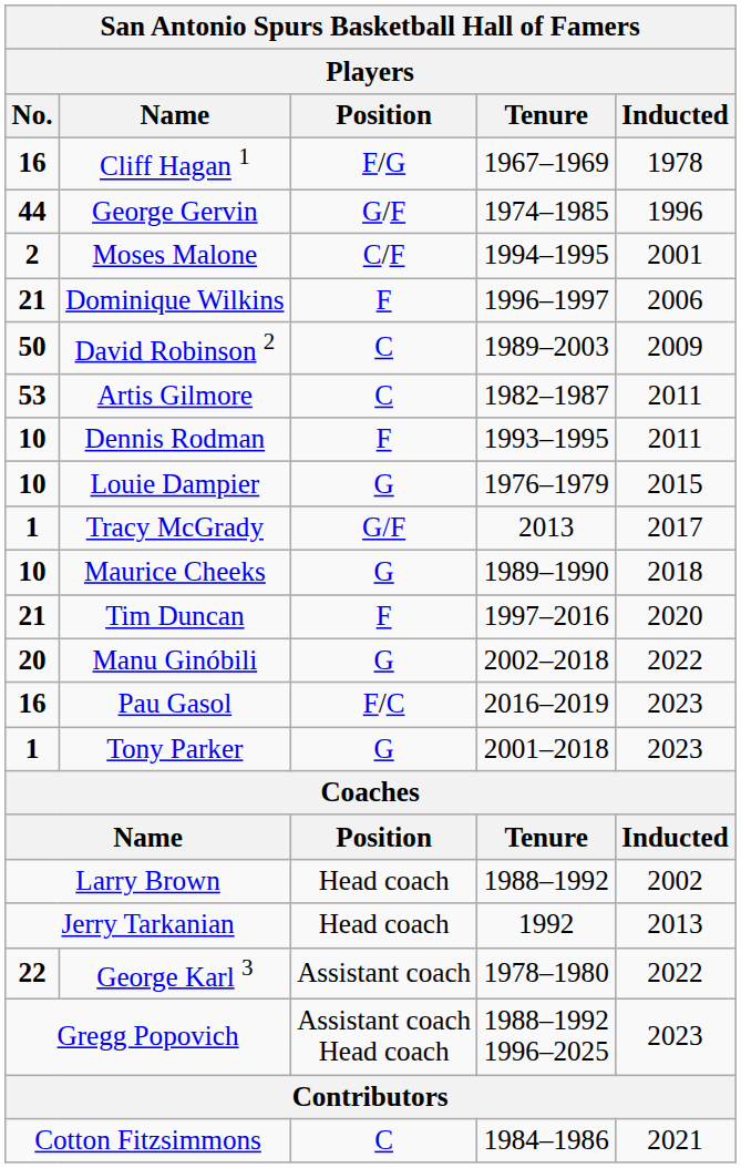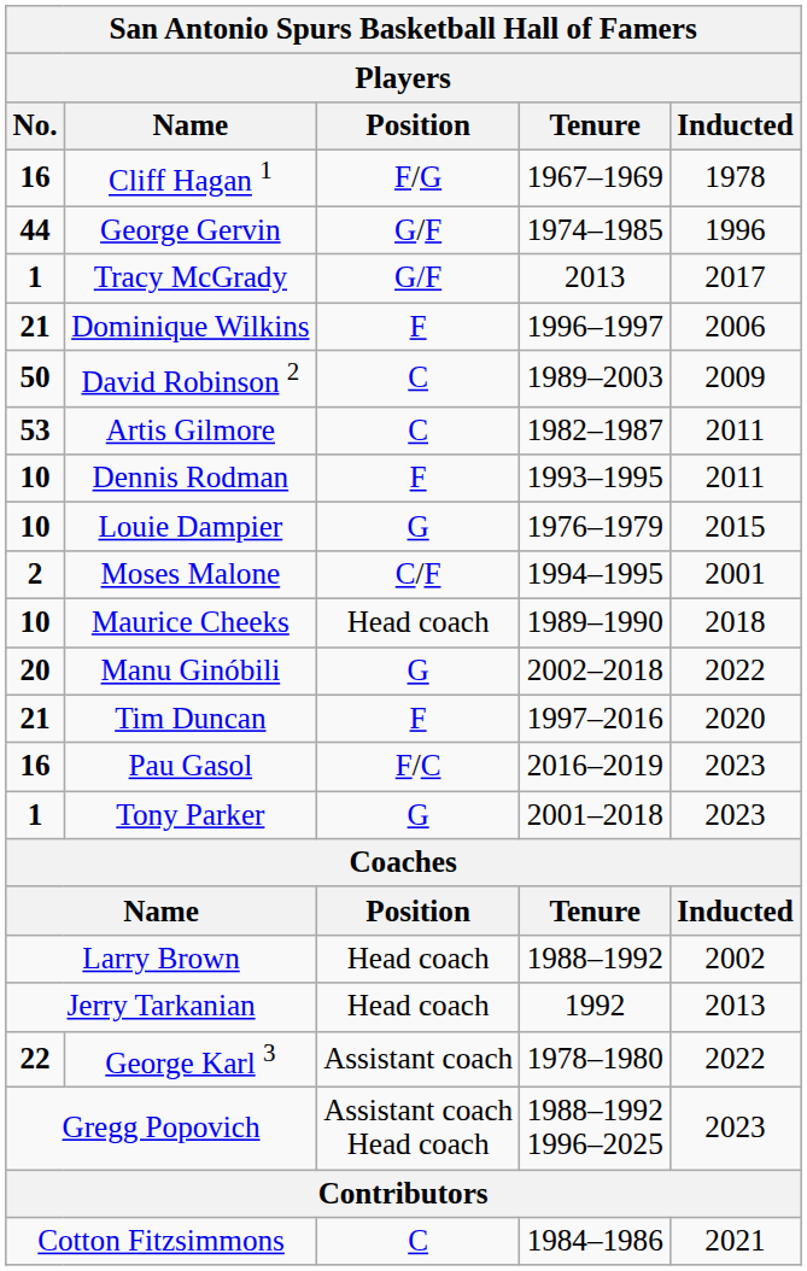 <table class="wikitable" style="text-align:center">
 <tr>
 <th colspan="5">San Antonio Spurs Basketball Hall of Famers</th>
 </tr>
 <tr>
 <th colspan="5" style="text-align:center; ">Players</th>
 </tr>
 <tr>
 <th>No.</th>
 <th>Name</th>
 <th>Position</th>
 <th>Tenure</th>
 <th>Inducted</th>
 </tr>
 <tr>
 <td><strong>16</strong></td>
 <td><a href='#'>Cliff Hagan</a> <sup>1</sup></td>
 <td><a href='#'>F</a>/<a href='#'>G</a></td>
 <td>1967–1969</td>
 <td>1978</td>
 </tr>
 <tr>
 <td><strong>44</strong></td>
 <td><a href='#'>George Gervin</a></td>
 <td><a href='#'>G</a>/<a href='#'>F</a></td>
 <td>1974–1985</td>
 <td>1996</td>
 </tr>
 <tr>
-<td><strong>2</strong></td>
-<td><a href='#'>Moses Malone</a></td>
-<td><a href='#'>C</a>/<a href='#'>F</a></td>
-<td>1994–1995</td>
-<td>2001</td>
+<td><strong>1</strong></td>
+<td><a href='#'>Tracy McGrady</a></td>
+<td><a href='#'>G/F</a></td>
+<td>2013</td>
+<td>2017</td>
 </tr>
 <tr>
 <td><strong>21</strong></td>
 <td><a href='#'>Dominique Wilkins</a></td>
 <td><a href='#'>F</a></td>
 <td>1996–1997</td>
 <td>2006</td>
 </tr>
 <tr>
 <td><strong>50</strong></td>
 <td><a href='#'>David Robinson</a> <sup>2</sup></td>
 <td><a href='#'>C</a></td>
 <td>1989–2003</td>
 <td>2009</td>
 </tr>
 <tr>
 <td><strong>53</strong></td>
 <td><a href='#'>Artis Gilmore</a></td>
 <td><a href='#'>C</a></td>
 <td>1982–1987</td>
 <td>2011</td>
 </tr>
 <tr>
 <td><strong>10</strong></td>
 <td><a href='#'>Dennis Rodman</a></td>
 <td><a href='#'>F</a></td>
 <td>1993–1995</td>
 <td>2011</td>
 </tr>
 <tr>
 <td><strong>10</strong></td>
 <td><a href='#'>Louie Dampier</a></td>
 <td><a href='#'>G</a></td>
 <td>1976–1979</td>
 <td>2015</td>
 </tr>
 <tr>
-<td><strong>1</strong></td>
-<td><a href='#'>Tracy McGrady</a></td>
-<td><a href='#'>G/F</a></td>
-<td>2013</td>
-<td>2017</td>
+<td><strong>2</strong></td>
+<td><a href='#'>Moses Malone</a></td>
+<td><a href='#'>C</a>/<a href='#'>F</a></td>
+<td>1994–1995</td>
+<td>2001</td>
 </tr>
 <tr>
 <td><strong>10</strong></td>
 <td><a href='#'>Maurice Cheeks</a></td>
-<td><a href='#'>G</a></td>
+<td>Head coach</td>
 <td>1989–1990</td>
 <td>2018</td>
+</tr>
+<tr>
+<td><strong>20</strong></td>
+<td><a href='#'>Manu Ginóbili</a></td>
+<td><a href='#'>G</a></td>
+<td>2002–2018</td>
+<td>2022</td>
 </tr>
 <tr>
 <td><strong>21</strong></td>
 <td><a href='#'>Tim Duncan</a></td>
 <td><a href='#'>F</a></td>
 <td>1997–2016</td>
 <td>2020</td>
-</tr>
-<tr>
-<td><strong>20</strong></td>
-<td><a href='#'>Manu Ginóbili</a></td>
-<td><a href='#'>G</a></td>
-<td>2002–2018</td>
-<td>2022</td>
 </tr>
 <tr>
 <td><strong>16</strong></td>
 <td><a href='#'>Pau Gasol</a></td>
 <td><a href='#'>F</a>/<a href='#'>C</a></td>
 <td>2016–2019</td>
 <td>2023</td>
 </tr>
 <tr>
 <td><strong>1</strong></td>
 <td><a href='#'>Tony Parker</a></td>
 <td><a href='#'>G</a></td>
 <td>2001–2018</td>
 <td>2023</td>
 </tr>
 <tr>
 <th colspan="5" style="text-align:center; ">Coaches</th>
 </tr>
 <tr>
 <th colspan="2">Name</th>
 <th>Position</th>
 <th>Tenure</th>
 <th>Inducted</th>
 </tr>
 <tr>
 <td colspan="2"><a href='#'>Larry Brown</a></td>
 <td>Head coach</td>
 <td>1988–1992</td>
 <td>2002</td>
 </tr>
 <tr>
 <td colspan="2"><a href='#'>Jerry Tarkanian</a></td>
 <td>Head coach</td>
 <td>1992</td>
 <td>2013</td>
 </tr>
 <tr>
 <td><strong>22</strong></td>
 <td><a href='#'>George Karl</a> <sup>3</sup></td>
 <td>Assistant coach</td>
 <td>1978–1980</td>
 <td>2022</td>
 </tr>
 <tr>
 <td colspan="2"><a href='#'>Gregg Popovich</a></td>
 <td>Assistant coach<br>Head coach</td>
 <td>1988–1992<br>1996–2025</td>
 <td>2023</td>
 </tr>
 <tr>
 <th colspan="5" style="text-align:center; ">Contributors</th>
 </tr>
 <tr>
 <td colspan="2"><a href='#'>Cotton Fitzsimmons</a></td>
 <td><a href='#'>C</a></td>
 <td>1984–1986</td>
 <td>2021</td>
 </tr>
 </table>
